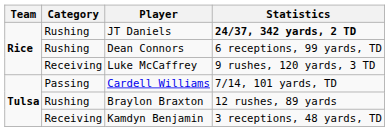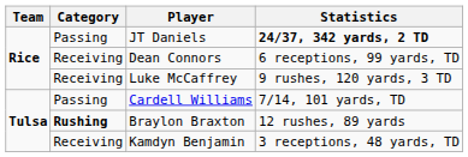 <table class="wikitable" style="float: right;">
 <tr>
 <th>Team</th>
 <th>Category</th>
 <th>Player</th>
 <th>Statistics</th>
 </tr>
 <tr>
 <td rowspan=3><strong>Rice</strong></td>
-<td>Rushing</td>
+<td>Passing</td>
 <td>JT Daniels</td>
 <td><strong>24/37, 342 yards, 2 TD</strong></td>
 </tr>
 <tr>
-<td>Rushing</td>
+<td>Receiving</td>
 <td>Dean Connors</td>
 <td>6 receptions, 99 yards, TD</td>
 </tr>
 <tr>
 <td>Receiving</td>
 <td>Luke McCaffrey</td>
 <td>9 rushes, 120 yards, 3 TD</td>
 </tr>
 <tr>
 <td rowspan=3><strong>Tulsa</strong></td>
 <td>Passing</td>
 <td><a href='#'>Cardell Williams</a></td>
 <td>7/14, 101 yards, TD</td>
 </tr>
 <tr>
-<td>Rushing</td>
+<td><strong>Rushing</strong></td>
 <td>Braylon Braxton</td>
 <td>12 rushes, 89 yards</td>
 </tr>
 <tr>
 <td>Receiving</td>
 <td>Kamdyn Benjamin</td>
 <td>3 receptions, 48 yards, TD</td>
 </tr>
 </table>
